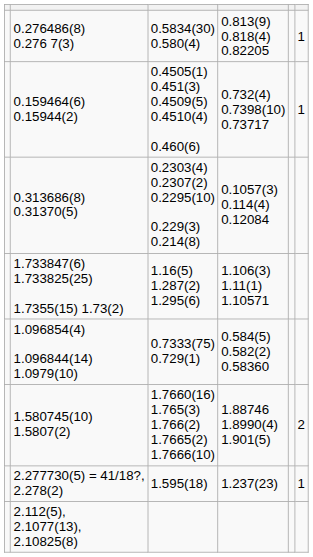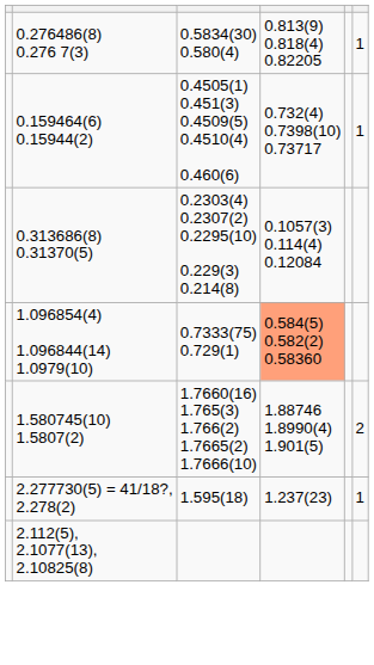 <table class="wikitable">
 <tr>
 <th></th>
 <th></th>
 <th></th>
 <th></th>
 <th> </th>
 <th></th>
 </tr>
 <tr>
 <td></td>
 <td>0.276486(8)  <br> 0.276 7(3)  <br></td>
 <td>0.5834(30)  <br> 0.580(4) <br></td>
 <td>0.813(9) <br>0.818(4) <br> 0.82205</td>
 <td></td>
 <td>1</td>
 </tr>
 <tr>
 <td></td>
 <td>0.159464(6) <br> 0.15944(2)</td>
 <td>0.4505(1) <br> 0.451(3)<br> 0.4509(5)  <br> 0.4510(4)  <br><br>0.460(6)<br></td>
 <td>0.732(4) <br> 0.7398(10)  <br> 0.73717 </td>
 <td></td>
 <td>1</td>
 </tr>
 <tr>
 <td></td>
 <td>0.313686(8)  <br> 0.31370(5) </td>
 <td>0.2303(4)  <br> 0.2307(2)  <br> 0.2295(10)  <br><br>0.229(3) <br> 0.214(8) </td>
 <td>0.1057(3) <br> 0.114(4)  <br> 0.12084 </td>
 <td></td>
 <td></td>
 </tr>
 <tr>
 <td></td>
-<td>1.733847(6) <br> 1.733825(25) <br><br>1.7355(15)  1.73(2)<br></td>
-<td>1.16(5) <br>1.287(2) <br> 1.295(6) </td>
-<td>1.106(3)  <br> 1.11(1)  <br> 1.10571 </td>
-<td></td>
-<td></td>
-</tr>
-<tr>
-<td></td>
 <td>1.096854(4)  <br><br>1.096844(14)  <br> 1.0979(10) </td>
 <td>0.7333(75)  <br> 0.729(1) </td>
-<td>0.584(5)  <br> 0.582(2)  <br> 0.58360 </td>
+<td style="background: lightsalmon;">0.584(5)  <br> 0.582(2)  <br> 0.58360 </td>
 <td></td>
 <td></td>
 </tr>
 <tr>
 <td></td>
 <td>1.580745(10)  <br> 1.5807(2) </td>
 <td>1.7660(16) <br> 1.765(3) <br> 1.766(2)  <br> 1.7665(2)  <br> 1.7666(10) </td>
 <td>1.88746  <br> 1.8990(4)  <br> 1.901(5) </td>
 <td></td>
 <td>2</td>
 </tr>
 <tr>
 <td></td>
 <td>2.277730(5) = 41/18?, <br> 2.278(2) </td>
 <td>1.595(18)  <br></td>
 <td>1.237(23)  <br></td>
 <td></td>
 <td>1</td>
 </tr>
 <tr>
 <td></td>
 <td>2.112(5), <br> 2.1077(13),<br>2.10825(8) </td>
 <td></td>
 <td></td>
 <td></td>
 <td></td>
 </tr>
 </table>
